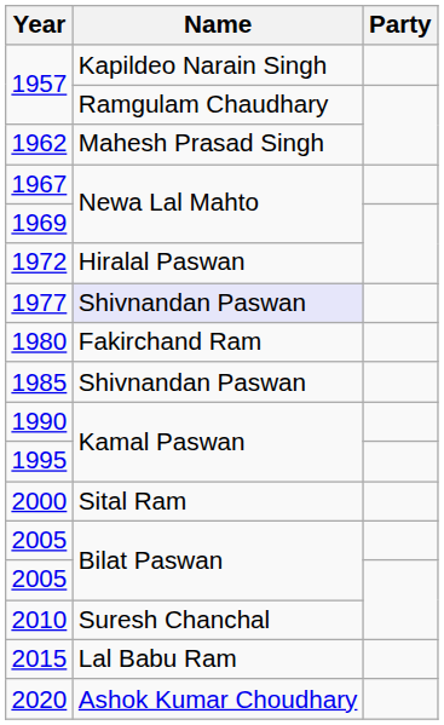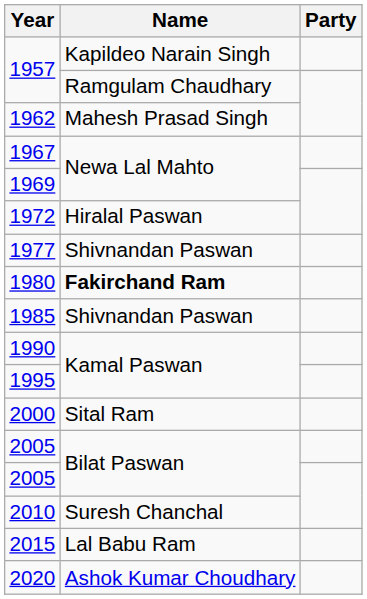 <table class="wikitable sortable">
 <tr>
 <th>Year</th>
 <th>Name</th>
 <th colspan="2">Party</th>
 </tr>
 <tr>
 <td rowspan="2"><a href='#'>1957</a></td>
 <td>Kapildeo Narain Singh</td>
 <td></td>
 </tr>
 <tr>
 <td>Ramgulam Chaudhary</td>
 </tr>
 <tr>
 <td><a href='#'>1962</a></td>
 <td>Mahesh Prasad Singh</td>
 </tr>
 <tr>
 <td><a href='#'>1967</a></td>
 <td rowspan="2">Newa Lal Mahto</td>
 <td></td>
 </tr>
 <tr>
 <td><a href='#'>1969</a></td>
 </tr>
 <tr>
 <td><a href='#'>1972</a></td>
 <td>Hiralal Paswan</td>
 </tr>
 <tr>
 <td><a href='#'>1977</a></td>
-<td style="background: lavender;">Shivnandan Paswan</td>
+<td>Shivnandan Paswan</td>
 <td></td>
 </tr>
 <tr>
 <td><a href='#'>1980</a></td>
-<td>Fakirchand Ram</td>
+<td><strong>Fakirchand Ram</strong></td>
 <td></td>
 </tr>
 <tr>
 <td><a href='#'>1985</a></td>
 <td>Shivnandan Paswan</td>
 <td></td>
 </tr>
 <tr>
 <td><a href='#'>1990</a></td>
 <td rowspan="2">Kamal Paswan</td>
 <td></td>
 </tr>
 <tr>
 <td><a href='#'>1995</a></td>
 </tr>
 <tr>
 <td><a href='#'>2000</a></td>
 <td>Sital Ram</td>
 <td></td>
 </tr>
 <tr>
 <td><a href='#'>2005</a></td>
 <td rowspan="2">Bilat Paswan</td>
 <td></td>
 </tr>
 <tr>
 <td><a href='#'>2005</a></td>
 </tr>
 <tr>
 <td><a href='#'>2010</a></td>
 <td>Suresh Chanchal</td>
 </tr>
 <tr>
 <td><a href='#'>2015</a></td>
 <td>Lal Babu Ram</td>
 <td></td>
 </tr>
 <tr>
 <td><a href='#'>2020</a></td>
 <td><a href='#'>Ashok Kumar Choudhary</a></td>
 <td></td>
 </tr>
 </table>
